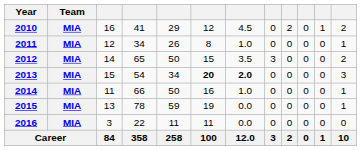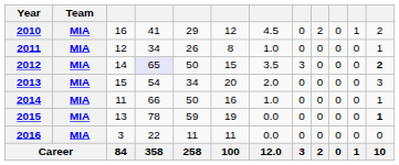 <table class="wikitable sortable" float="left" border="1" style="text-align:center; width:45%;">
 <tr>
 <th>Year</th>
 <th>Team</th>
 <th></th>
 <th></th>
 <th></th>
 <th></th>
 <th></th>
 <th></th>
 <th></th>
 <th></th>
 <th></th>
 <th></th>
 </tr>
 <tr>
 <th><a href='#'>2010</a></th>
 <th><a href='#'>MIA</a></th>
 <td>16</td>
 <td>41</td>
 <td>29</td>
 <td>12</td>
 <td>4.5</td>
 <td>0</td>
 <td>2</td>
 <td>0</td>
 <td>1</td>
 <td>2</td>
 </tr>
 <tr>
 <th><a href='#'>2011</a></th>
 <th><a href='#'>MIA</a></th>
 <td>12</td>
 <td>34</td>
 <td>26</td>
 <td>8</td>
 <td>1.0</td>
 <td>0</td>
 <td>0</td>
 <td>0</td>
 <td>0</td>
 <td>1</td>
 </tr>
 <tr>
 <th><a href='#'>2012</a></th>
 <th><a href='#'>MIA</a></th>
 <td>14</td>
-<td>65</td>
+<td style="background: lavender;">65</td>
 <td>50</td>
 <td>15</td>
 <td>3.5</td>
 <td>3</td>
 <td>0</td>
 <td>0</td>
 <td>0</td>
-<td>2</td>
+<td><strong>2</strong></td>
 </tr>
 <tr>
 <th><a href='#'>2013</a></th>
 <th><a href='#'>MIA</a></th>
 <td>15</td>
 <td>54</td>
 <td>34</td>
-<td><strong>20</strong></td>
-<td><strong>2.0</strong></td>
+<td>20</td>
+<td>2.0</td>
 <td>0</td>
 <td>0</td>
 <td>0</td>
 <td>0</td>
 <td>3</td>
 </tr>
 <tr>
 <th><a href='#'>2014</a></th>
 <th><a href='#'>MIA</a></th>
 <td>11</td>
 <td>66</td>
 <td>50</td>
 <td>16</td>
 <td>1.0</td>
 <td>0</td>
 <td>0</td>
 <td>0</td>
 <td>0</td>
 <td>1</td>
 </tr>
 <tr>
 <th><a href='#'>2015</a></th>
 <th><a href='#'>MIA</a></th>
 <td>13</td>
 <td>78</td>
 <td>59</td>
 <td>19</td>
 <td>0.0</td>
 <td>0</td>
 <td>0</td>
 <td>0</td>
 <td>0</td>
-<td>1</td>
+<td><strong>1</strong></td>
 </tr>
 <tr>
 <th><a href='#'>2016</a></th>
 <th><a href='#'>MIA</a></th>
 <td>3</td>
 <td>22</td>
 <td>11</td>
 <td>11</td>
 <td>0.0</td>
 <td>0</td>
 <td>0</td>
 <td>0</td>
 <td>0</td>
 <td>0</td>
 </tr>
 <tr class="sortbottom">
 <th colspan="2">Career</th>
 <th>84</th>
 <th>358</th>
 <th>258</th>
 <th>100</th>
 <th>12.0</th>
 <th>3</th>
 <th>2</th>
 <th>0</th>
 <th>1</th>
 <th>10</th>
 </tr>
 </table>
